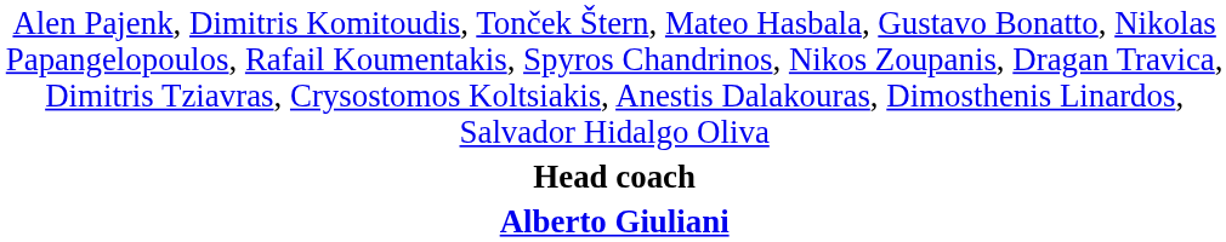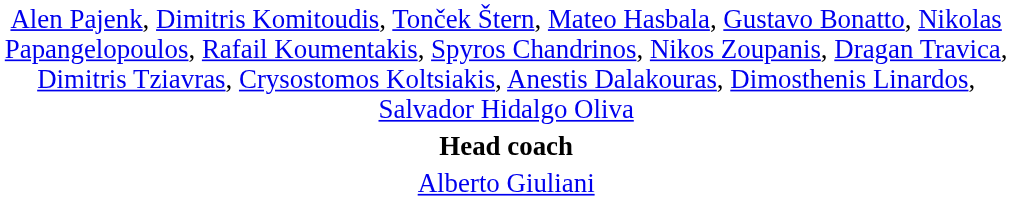 <table style="text-align: center; margin-top: 2em; margin-left: auto; margin-ri">
 <tr>
 <td><a href='#'>Alen Pajenk</a>, <a href='#'>Dimitris Komitoudis</a>, <a href='#'>Tonček Štern</a>, <a href='#'>Mateo Hasbala</a>, <a href='#'>Gustavo Bonatto</a>, <a href='#'>Nikolas Papangelopoulos</a>, <a href='#'>Rafail Koumentakis</a>, <a href='#'>Spyros Chandrinos</a>, <a href='#'>Nikos Zoupanis</a>, <a href='#'>Dragan Travica</a>, <a href='#'>Dimitris Tziavras</a>, <a href='#'>Crysostomos Koltsiakis</a>, <a href='#'>Anestis Dalakouras</a>, <a href='#'>Dimosthenis Linardos</a>, <a href='#'>Salvador Hidalgo Oliva</a></td>
 </tr>
 <tr>
 <td><strong>Head coach</strong></td>
 </tr>
 <tr>
-<td><strong><a href='#'>Alberto Giuliani</a></strong></td>
+<td><a href='#'>Alberto Giuliani</a></td>
 </tr>
 </table>
